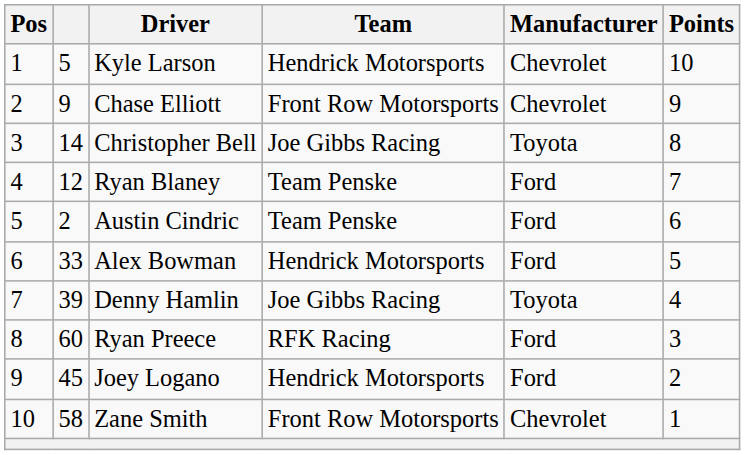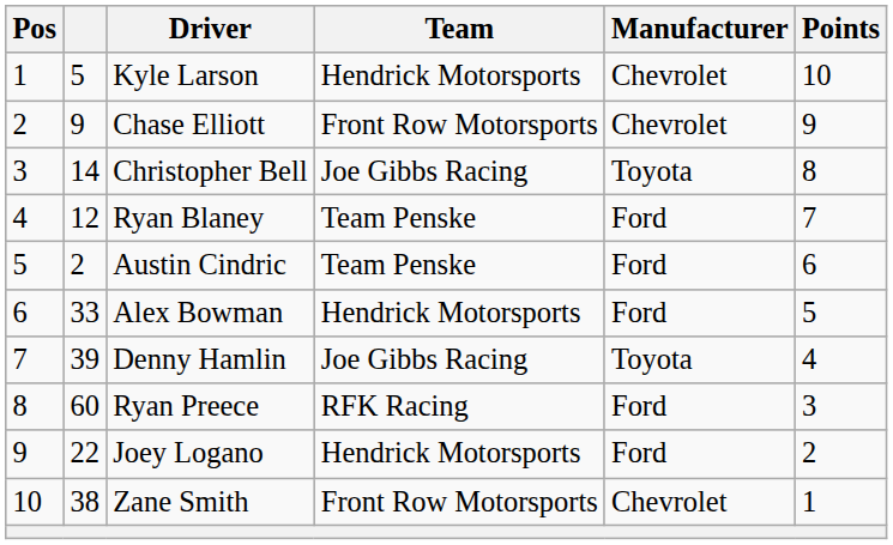 <table class="wikitable" style="font-size:98%">
 <tr>
 <th>Pos</th>
 <th></th>
 <th>Driver</th>
 <th>Team</th>
 <th>Manufacturer</th>
 <th>Points</th>
 </tr>
 <tr>
 <td>1</td>
 <td>5</td>
 <td>Kyle Larson</td>
 <td>Hendrick Motorsports</td>
 <td>Chevrolet</td>
 <td>10</td>
 </tr>
 <tr>
 <td>2</td>
 <td>9</td>
 <td>Chase Elliott</td>
 <td>Front Row Motorsports</td>
 <td>Chevrolet</td>
 <td>9</td>
 </tr>
 <tr>
 <td>3</td>
 <td>14</td>
 <td>Christopher Bell</td>
 <td>Joe Gibbs Racing</td>
 <td>Toyota</td>
 <td>8</td>
 </tr>
 <tr>
 <td>4</td>
 <td>12</td>
 <td>Ryan Blaney</td>
 <td>Team Penske</td>
 <td>Ford</td>
 <td>7</td>
 </tr>
 <tr>
 <td>5</td>
 <td>2</td>
 <td>Austin Cindric</td>
 <td>Team Penske</td>
 <td>Ford</td>
 <td>6</td>
 </tr>
 <tr>
 <td>6</td>
 <td>33</td>
 <td>Alex Bowman</td>
 <td>Hendrick Motorsports</td>
 <td>Ford</td>
 <td>5</td>
 </tr>
 <tr>
 <td>7</td>
 <td>39</td>
 <td>Denny Hamlin</td>
 <td>Joe Gibbs Racing</td>
 <td>Toyota</td>
 <td>4</td>
 </tr>
 <tr>
 <td>8</td>
 <td>60</td>
 <td>Ryan Preece</td>
 <td>RFK Racing</td>
 <td>Ford</td>
 <td>3</td>
 </tr>
 <tr>
 <td>9</td>
-<td>45</td>
+<td>22</td>
 <td>Joey Logano</td>
 <td>Hendrick Motorsports</td>
 <td>Ford</td>
 <td>2</td>
 </tr>
 <tr>
 <td>10</td>
-<td>58</td>
+<td>38</td>
 <td>Zane Smith</td>
 <td>Front Row Motorsports</td>
 <td>Chevrolet</td>
 <td>1</td>
 </tr>
 <tr>
 <th colspan="6"></th>
 </tr>
 </table>
